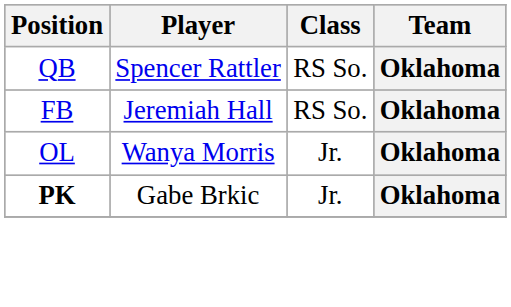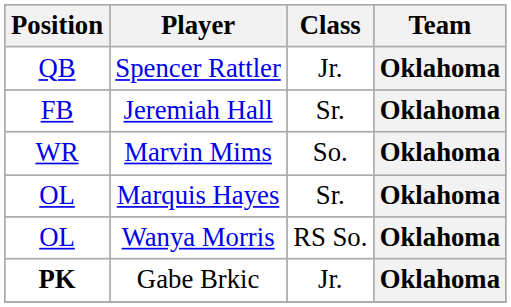 <table class="wikitable sortable" border="1">
 <tr>
 <th>Position</th>
 <th>Player</th>
 <th>Class</th>
 <th>Team</th>
 </tr>
 <tr>
 <td style="text-align:center; background:white"><a href='#'>QB</a></td>
 <td style="text-align:center; background:white"><a href='#'>Spencer Rattler</a></td>
-<td style="text-align:center; background:white">RS So.</td>
+<td style="text-align:center; background:white">Jr.</td>
 <th>Oklahoma</th>
 </tr>
 <tr>
 <td style="text-align:center; background:white"><a href='#'>FB</a></td>
 <td style="text-align:center; background:white"><a href='#'>Jeremiah Hall</a></td>
-<td style="text-align:center; background:white">RS So.</td>
+<td style="text-align:center; background:white">Sr.</td>
+<th>Oklahoma</th>
+</tr>
+<tr>
+<td style="text-align:center; background:white"><a href='#'>WR</a></td>
+<td style="text-align:center; background:white"><a href='#'>Marvin Mims</a></td>
+<td style="text-align:center; background:white">So.</td>
+<th>Oklahoma</th>
+</tr>
+<tr>
+<td style="text-align:center; background:white"><a href='#'>OL</a></td>
+<td style="text-align:center; background:white"><a href='#'>Marquis Hayes</a></td>
+<td style="text-align:center; background:white">Sr.</td>
 <th>Oklahoma</th>
 </tr>
 <tr>
 <td style="text-align:center; background:white"><a href='#'>OL</a></td>
 <td style="text-align:center; background:white"><a href='#'>Wanya Morris</a></td>
-<td style="text-align:center; background:white">Jr.</td>
+<td style="text-align:center; background:white">RS So.</td>
 <th>Oklahoma</th>
 </tr>
 <tr>
 <td style="text-align:center; background:white"><strong>PK</strong></td>
 <td style="text-align:center; background:white">Gabe Brkic</td>
 <td style="text-align:center; background:white">Jr.</td>
 <th>Oklahoma</th>
 </tr>
 <tr>
 </tr>
 </table>
